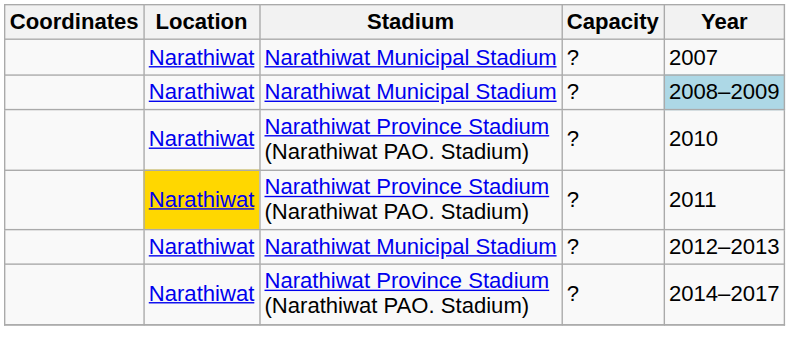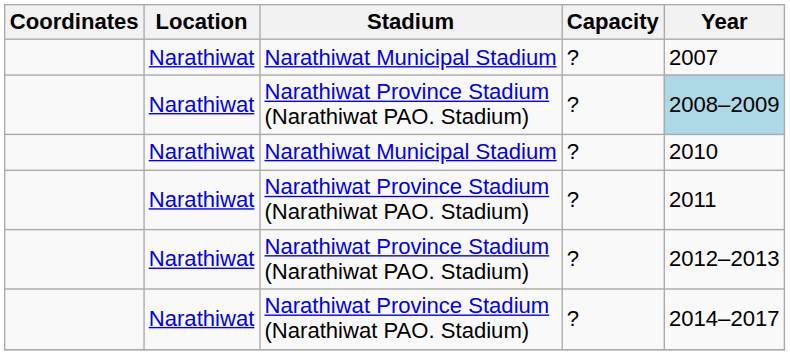 <table class="wikitable sortable">
 <tr>
 <th>Coordinates</th>
 <th>Location</th>
 <th>Stadium</th>
 <th>Capacity</th>
 <th>Year</th>
 </tr>
 <tr>
 <td></td>
 <td><a href='#'>Narathiwat</a></td>
 <td><a href='#'>Narathiwat Municipal Stadium</a></td>
 <td>?</td>
 <td>2007</td>
 </tr>
 <tr>
 <td></td>
 <td><a href='#'>Narathiwat</a></td>
-<td><a href='#'>Narathiwat Municipal Stadium</a></td>
+<td><a href='#'>Narathiwat Province Stadium</a><br>(Narathiwat PAO. Stadium)</td>
 <td>?</td>
 <td style="background: lightblue;">2008–2009</td>
 </tr>
 <tr>
 <td></td>
 <td><a href='#'>Narathiwat</a></td>
-<td><a href='#'>Narathiwat Province Stadium</a><br>(Narathiwat PAO. Stadium)</td>
+<td><a href='#'>Narathiwat Municipal Stadium</a></td>
 <td>?</td>
 <td>2010</td>
 </tr>
 <tr>
 <td></td>
-<td style="background: gold;"><a href='#'>Narathiwat</a></td>
+<td><a href='#'>Narathiwat</a></td>
 <td><a href='#'>Narathiwat Province Stadium</a><br>(Narathiwat PAO. Stadium)</td>
 <td>?</td>
 <td>2011</td>
 </tr>
 <tr>
 <td></td>
 <td><a href='#'>Narathiwat</a></td>
-<td><a href='#'>Narathiwat Municipal Stadium</a></td>
+<td><a href='#'>Narathiwat Province Stadium</a><br>(Narathiwat PAO. Stadium)</td>
 <td>?</td>
 <td>2012–2013</td>
 </tr>
 <tr>
 <td></td>
 <td><a href='#'>Narathiwat</a></td>
 <td><a href='#'>Narathiwat Province Stadium</a><br>(Narathiwat PAO. Stadium)</td>
 <td>?</td>
 <td>2014–2017</td>
 </tr>
 <tr>
 </tr>
 </table>
